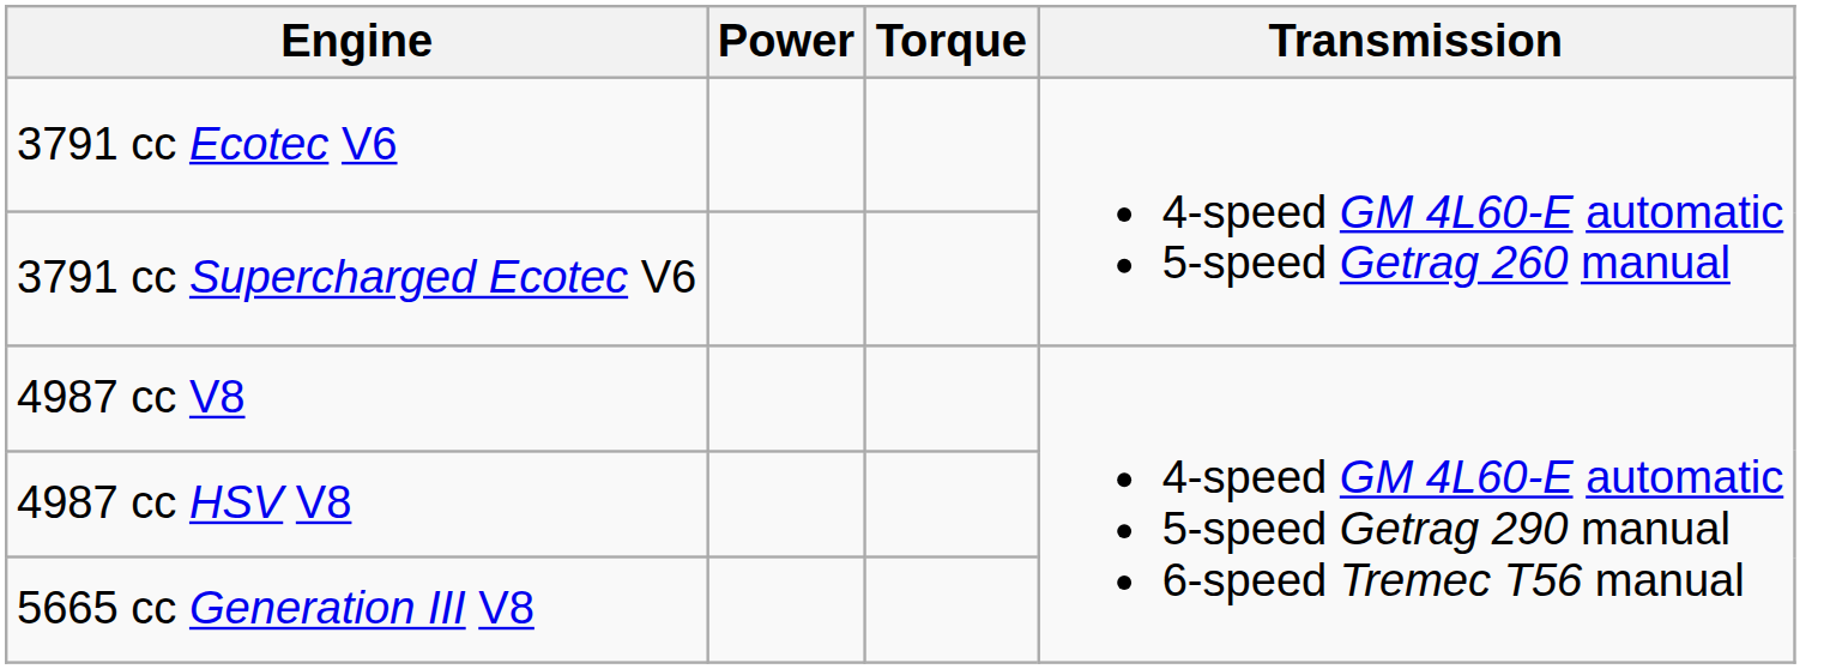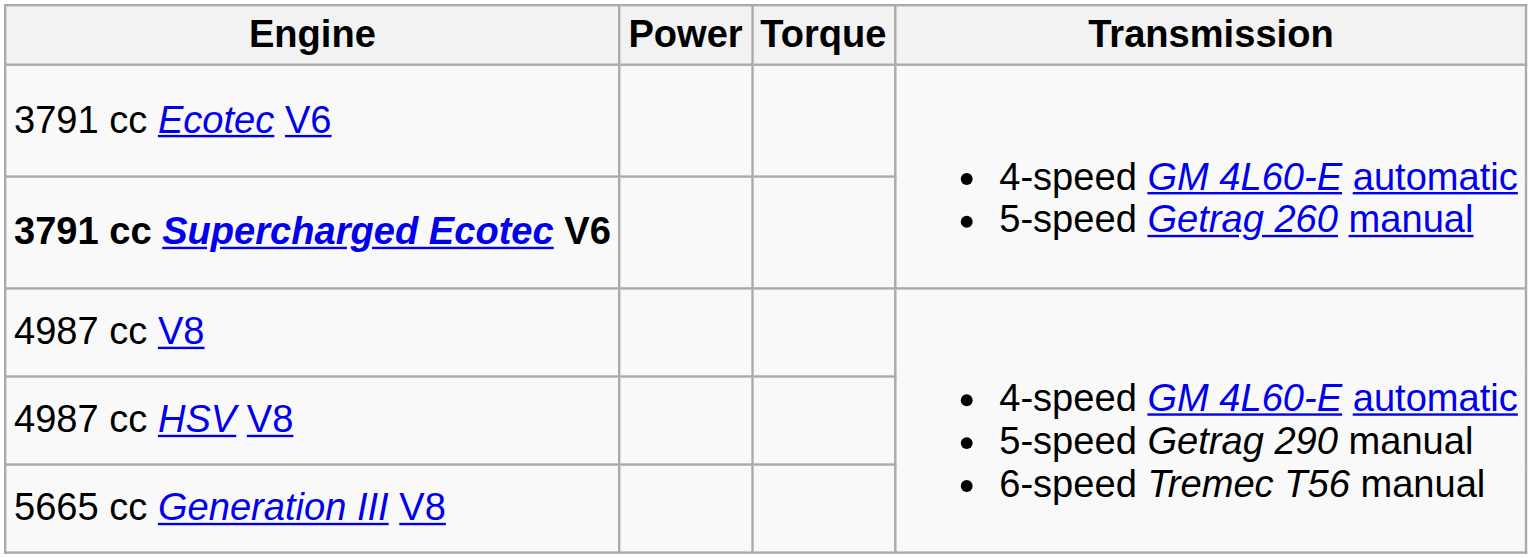 <table class=wikitable>
 <tr>
 <th>Engine</th>
 <th>Power</th>
 <th>Torque</th>
 <th>Transmission</th>
 </tr>
 <tr>
 <td>3791 cc <em><a href='#'>Ecotec</a></em> <a href='#'>V6</a></td>
 <td></td>
 <td></td>
 <td rowspan="2"><br><ul><li>4-speed <em><a href='#'>GM 4L60-E</a></em> <a href='#'>automatic</a></li><li>5-speed <em><a href='#'>Getrag 260</a></em> <a href='#'>manual</a></li></ul></td>
 </tr>
 <tr>
-<td>3791 cc <em><a href='#'>Supercharged Ecotec</a></em> V6</td>
+<td><strong>3791 cc <em><a href='#'>Supercharged Ecotec</a></em> V6</strong></td>
 <td></td>
 <td></td>
 </tr>
 <tr>
 <td>4987 cc <a href='#'>V8</a></td>
 <td></td>
 <td></td>
 <td rowspan="3"><br><ul><li>4-speed <em><a href='#'>GM 4L60-E</a></em> <a href='#'>automatic</a></li><li>5-speed <em>Getrag 290</em> manual</li><li>6-speed <em>Tremec T56</em> manual</li></ul></td>
 </tr>
 <tr>
 <td>4987 cc <em><a href='#'>HSV</a></em> <a href='#'>V8</a></td>
 <td></td>
 <td></td>
 </tr>
 <tr>
 <td>5665 cc <em><a href='#'>Generation III</a></em> <a href='#'>V8</a></td>
 <td></td>
 <td></td>
 </tr>
 </table>
